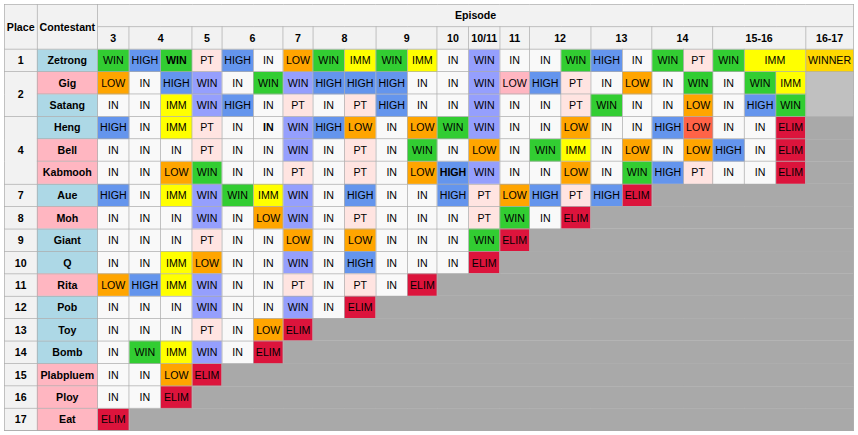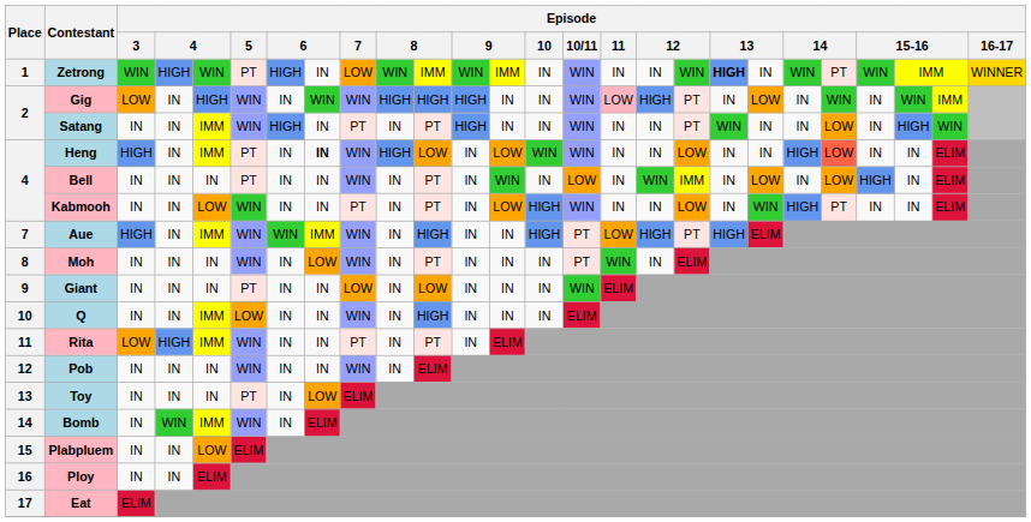 <table class="wikitable" style="text-align: center; font-size:95%; line-height:25px;">
 <tr style=font-weight:bold;>
 <th rowspan=2><strong>Place</strong></th>
 <th rowspan=2><strong>Contestant</strong></th>
 <th colspan="24"><strong>Episode</strong></th>
 </tr>
 <tr style=font-weight:bold;>
 <th>3</th>
 <th colspan=2>4</th>
 <th>5</th>
 <th colspan=2>6</th>
 <th>7</th>
 <th colspan=2>8</th>
 <th colspan=2>9</th>
 <th>10</th>
 <th>10/11</th>
 <th>11</th>
 <th colspan="2">12</th>
 <th colspan=2>13</th>
 <th colspan=2>14</th>
 <th colspan="3">15-16</th>
 <th>16-17</th>
 </tr>
 <tr>
 <th>1</th>
 <td style="background:lightblue;"><strong>Zetrong</strong></td>
 <td style="background:limegreen;">WIN</td>
 <td style="background:cornflowerblue;">HIGH</td>
-<td style="background:limegreen;"><strong>WIN</strong></td>
+<td style="background:limegreen;">WIN</td>
 <td style="background:mistyrose;">PT</td>
 <td style="background:cornflowerblue;">HIGH</td>
 <td>IN</td>
 <td style="background:orange;">LOW</td>
 <td style="background:limegreen;">WIN</td>
 <td style="background:yellow;">IMM</td>
 <td style="background:limegreen;">WIN</td>
 <td style="background:yellow;">IMM</td>
 <td>IN</td>
 <td style="background:#959FFD;">WIN</td>
 <td>IN</td>
 <td>IN</td>
 <td style="background:limegreen;">WIN</td>
-<td style="background:cornflowerblue;">HIGH</td>
+<td style="background:cornflowerblue;"><strong>HIGH</strong></td>
 <td>IN</td>
 <td style="background:limegreen;">WIN</td>
 <td style="background:mistyrose;">PT</td>
 <td style="background:limegreen;">WIN</td>
 <td colspan=2 style="background:yellow;">IMM</td>
 <td style="background:gold;">WINNER</td>
 </tr>
 <tr>
 <th rowspan="2">2</th>
 <td style="background:lightpink;"><strong>Gig</strong></td>
 <td style="background:orange;">LOW</td>
 <td>IN</td>
 <td style="background:cornflowerblue;">HIGH</td>
 <td style="background:#959FFD;">WIN</td>
 <td>IN</td>
 <td style="background:limegreen;">WIN</td>
 <td style="background:#959FFD;">WIN</td>
 <td style="background:cornflowerblue;">HIGH</td>
 <td style="background:cornflowerblue;">HIGH</td>
 <td style="background:cornflowerblue;">HIGH</td>
 <td>IN</td>
 <td>IN</td>
 <td style="background:#959FFD;">WIN</td>
 <td style="background:lightpink;">LOW</td>
 <td style="background:cornflowerblue;">HIGH</td>
 <td style="background:mistyrose;">PT</td>
 <td>IN</td>
 <td style="background:orange;">LOW</td>
 <td>IN</td>
 <td style="background:limegreen;">WIN</td>
 <td>IN</td>
 <td style="background:limegreen;">WIN</td>
 <td style="background:yellow;">IMM</td>
 <td rowspan="2" style="background:silver;"></td>
 </tr>
 <tr>
 <td style="background:lightblue;"><strong>Satang</strong></td>
 <td>IN</td>
 <td>IN</td>
 <td style="background:yellow;">IMM</td>
 <td style="background:#959FFD;">WIN</td>
 <td style="background:cornflowerblue;">HIGH</td>
 <td>IN</td>
 <td style="background:mistyrose;">PT</td>
 <td>IN</td>
 <td style="background:mistyrose;">PT</td>
 <td style="background:cornflowerblue;">HIGH</td>
 <td>IN</td>
 <td>IN</td>
 <td style="background:#959FFD;">WIN</td>
 <td>IN</td>
 <td>IN</td>
 <td style="background:mistyrose;">PT</td>
 <td style="background:limegreen;">WIN</td>
 <td>IN</td>
 <td>IN</td>
 <td style="background:orange;">LOW</td>
 <td>IN</td>
 <td style="background:cornflowerblue;">HIGH</td>
 <td style="background:limegreen;">WIN</td>
 </tr>
 <tr>
 <th rowspan=3>4</th>
 <td style="background:lightblue;"><strong>Heng</strong></td>
 <td style="background:cornflowerblue;">HIGH</td>
 <td>IN</td>
 <td style="background:yellow;">IMM</td>
 <td style="background:mistyrose;">PT</td>
 <td>IN</td>
 <td><strong>IN</strong></td>
 <td style="background:#959FFD;">WIN</td>
 <td style="background:cornflowerblue;">HIGH</td>
 <td style="background:orange;">LOW</td>
 <td>IN</td>
 <td style="background:orange;">LOW</td>
 <td style="background:limegreen;">WIN</td>
 <td style="background:#959FFD;">WIN</td>
 <td>IN</td>
 <td>IN</td>
 <td style="background:orange;">LOW</td>
 <td>IN</td>
 <td>IN</td>
 <td style="background:cornflowerblue;">HIGH</td>
 <td style="background:tomato;">LOW</td>
 <td>IN</td>
 <td>IN</td>
 <td style="background:crimson;">ELIM</td>
 <td style="background:darkgrey;"></td>
 </tr>
 <tr>
 <td style="background:lightpink;"><strong>Bell</strong></td>
 <td>IN</td>
 <td>IN</td>
 <td>IN</td>
 <td style="background:mistyrose;">PT</td>
 <td>IN</td>
 <td>IN</td>
 <td style="background:#959FFD;">WIN</td>
 <td>IN</td>
 <td style="background:mistyrose;">PT</td>
 <td>IN</td>
 <td style="background:limegreen;">WIN</td>
 <td>IN</td>
 <td style="background:orange;">LOW</td>
 <td>IN</td>
 <td style="background:limegreen;">WIN</td>
 <td style="background:yellow;">IMM</td>
 <td>IN</td>
 <td style="background:orange;">LOW</td>
 <td>IN</td>
 <td style="background:orange;">LOW</td>
 <td style="background:cornflowerblue;">HIGH</td>
 <td>IN</td>
 <td style="background:crimson;">ELIM</td>
 <td style="background:darkgrey;"></td>
 </tr>
 <tr>
 <td style="background:lightpink;"><strong>Kabmooh</strong></td>
 <td>IN</td>
 <td>IN</td>
 <td style="background:orange;">LOW</td>
 <td style="background:limegreen;">WIN</td>
 <td>IN</td>
 <td>IN</td>
 <td style="background:mistyrose;">PT</td>
 <td>IN</td>
 <td style="background:mistyrose;">PT</td>
 <td>IN</td>
 <td style="background:orange;">LOW</td>
-<td style="background:cornflowerblue;"><strong>HIGH</strong></td>
+<td style="background:cornflowerblue;">HIGH</td>
 <td style="background:#959FFD;">WIN</td>
 <td>IN</td>
 <td>IN</td>
 <td style="background:orange;">LOW</td>
 <td>IN</td>
 <td style="background:limegreen;">WIN</td>
 <td style="background:cornflowerblue;">HIGH</td>
 <td style="background:mistyrose;">PT</td>
 <td>IN</td>
 <td>IN</td>
 <td style="background:crimson;">ELIM</td>
 <td style="background:darkgrey;"></td>
 </tr>
 <tr>
 <th>7</th>
 <td style="background:lightblue;"><strong>Aue</strong></td>
 <td style="background:cornflowerblue;">HIGH</td>
 <td>IN</td>
 <td style="background:yellow;">IMM</td>
 <td style="background:#959FFD;">WIN</td>
 <td style="background:limegreen;">WIN</td>
 <td style="background:yellow;">IMM</td>
 <td style="background:#959FFD;">WIN</td>
 <td>IN</td>
 <td style="background:cornflowerblue;">HIGH</td>
 <td>IN</td>
 <td>IN</td>
 <td style="background:cornflowerblue;">HIGH</td>
 <td style="background:mistyrose;">PT</td>
 <td style="background:orange;">LOW</td>
 <td style="background:cornflowerblue;">HIGH</td>
 <td style="background:mistyrose;">PT</td>
 <td style="background:cornflowerblue;">HIGH</td>
 <td style="background:crimson;">ELIM</td>
 <td colspan="6" style="background:darkgrey;"></td>
 </tr>
 <tr>
 <th>8</th>
 <td style="background:lightpink;"><strong>Moh</strong></td>
 <td>IN</td>
 <td>IN</td>
 <td>IN</td>
 <td style="background:#959FFD;">WIN</td>
 <td>IN</td>
 <td style="background:orange;">LOW</td>
 <td style="background:#959FFD;">WIN</td>
 <td>IN</td>
 <td style="background:mistyrose;">PT</td>
 <td>IN</td>
 <td>IN</td>
 <td>IN</td>
 <td style="background:mistyrose;">PT</td>
 <td style="background:limegreen;">WIN</td>
 <td>IN</td>
 <td style="background:crimson;">ELIM</td>
 <td colspan="8" style="background:darkgrey;"></td>
 </tr>
 <tr>
 <th>9</th>
 <td style="background:lightblue;"><strong>Giant</strong></td>
 <td>IN</td>
 <td>IN</td>
 <td>IN</td>
 <td style="background:mistyrose;">PT</td>
 <td>IN</td>
 <td>IN</td>
 <td style="background:orange;">LOW</td>
 <td>IN</td>
 <td style="background:orange;">LOW</td>
 <td>IN</td>
 <td>IN</td>
 <td>IN</td>
 <td style="background:limegreen;">WIN</td>
 <td style="background:crimson;">ELIM</td>
 <td colspan="10" style="background:darkgrey;"></td>
 </tr>
 <tr>
 <th>10</th>
 <td style="background:lightblue;"><strong>Q</strong></td>
 <td>IN</td>
 <td>IN</td>
 <td style="background:yellow;">IMM</td>
 <td style="background:orange;">LOW</td>
 <td>IN</td>
 <td>IN</td>
 <td style="background:#959FFD;">WIN</td>
 <td>IN</td>
 <td style="background:cornflowerblue;">HIGH</td>
 <td>IN</td>
 <td>IN</td>
 <td>IN</td>
 <td style="background:crimson;">ELIM</td>
 <td colspan="11" style="background:darkgrey;"></td>
 </tr>
 <tr>
 <th>11</th>
 <td style="background:lightpink;"><strong>Rita</strong></td>
 <td style="background:orange;">LOW</td>
 <td style="background:cornflowerblue;">HIGH</td>
 <td style="background:yellow;">IMM</td>
 <td style="background:#959FFD;">WIN</td>
 <td>IN</td>
 <td>IN</td>
 <td style="background:mistyrose;">PT</td>
 <td>IN</td>
 <td style="background:mistyrose;">PT</td>
 <td>IN</td>
 <td style="background:crimson;">ELIM</td>
 <td colspan="13" style="background:darkgrey;"></td>
 </tr>
 <tr>
 <th>12</th>
 <td style="background:lightblue;"><strong>Pob</strong></td>
 <td>IN</td>
 <td>IN</td>
 <td>IN</td>
 <td style="background:#959FFD;">WIN</td>
 <td>IN</td>
 <td>IN</td>
 <td style="background:#959FFD;">WIN</td>
 <td>IN</td>
 <td style="background:crimson;">ELIM</td>
 <td colspan="15" style="background:darkgrey;"></td>
 </tr>
 <tr>
 <th>13</th>
 <td style="background:lightblue;"><strong>Toy</strong></td>
 <td>IN</td>
 <td>IN</td>
 <td>IN</td>
 <td style="background:mistyrose;">PT</td>
 <td>IN</td>
 <td style="background:orange;">LOW</td>
 <td style="background:crimson;">ELIM</td>
 <td colspan="17" style="background:darkgrey;"></td>
 </tr>
 <tr>
 <th>14</th>
 <td style="background:lightblue;"><strong>Bomb</strong></td>
 <td>IN</td>
 <td style="background:limegreen;">WIN</td>
 <td style="background:yellow;">IMM</td>
 <td style="background:#959FFD;">WIN</td>
 <td>IN</td>
 <td style="background:crimson;">ELIM</td>
 <td colspan="18" style="background:darkgrey;"></td>
 </tr>
 <tr>
 <th>15</th>
 <td style="background:lightpink;"><strong>Plabpluem</strong></td>
 <td>IN</td>
 <td>IN</td>
 <td style="background:orange;">LOW</td>
 <td style="background:crimson;">ELIM</td>
 <td colspan="20" style="background:darkgrey;"></td>
 </tr>
 <tr>
 <th>16</th>
 <td style="background:lightpink;"><strong>Ploy</strong></td>
 <td>IN</td>
 <td>IN</td>
 <td style="background:crimson;">ELIM</td>
 <td colspan="21" style="background:darkgrey;"></td>
 </tr>
 <tr>
 <th>17</th>
 <td style="background:lightpink;"><strong>Eat</strong></td>
 <td style="background:crimson;">ELIM</td>
 <td colspan="23" style="background:darkgrey;"></td>
 </tr>
 <tr>
 </tr>
 </table>
